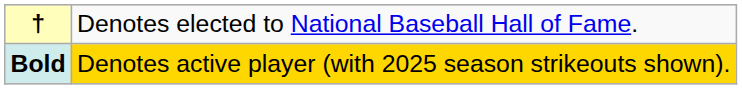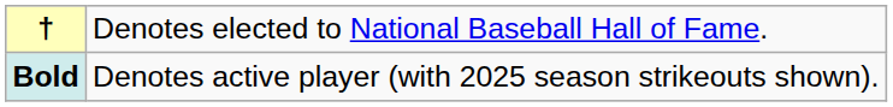 <table class="wikitable">
 <tr>
 <th scope="row" style="background: #ffffbb">†</th>
 <td>Denotes elected to <a href='#'>National Baseball Hall of Fame</a>.</td>
 </tr>
 <tr>
 <th scope="row" style="background: #cfecec;"><strong>Bold</strong></th>
-<td style="background: gold;">Denotes active player (with 2025 season strikeouts shown).</td>
+<td>Denotes active player (with 2025 season strikeouts shown).</td>
 </tr>
 </table>
